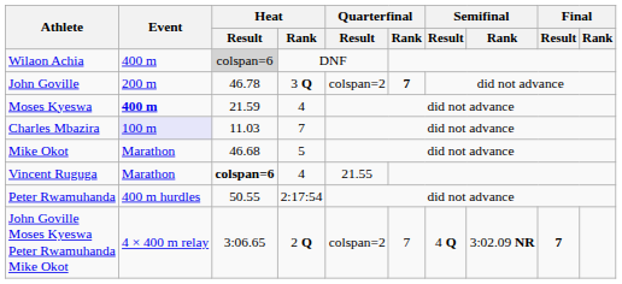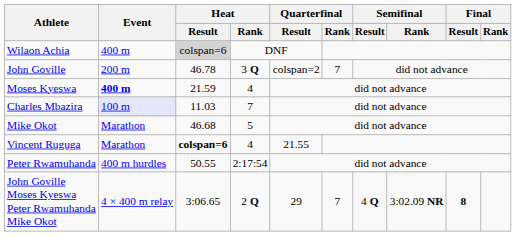 <table class="wikitable" style="font-size:90%">
 <tr>
 <th rowspan="2">Athlete</th>
 <th rowspan="2">Event</th>
 <th colspan="2">Heat</th>
 <th colspan="2">Quarterfinal</th>
 <th colspan="2">Semifinal</th>
 <th colspan="2">Final</th>
 </tr>
 <tr style="font-size:95%">
 <th>Result</th>
 <th>Rank</th>
 <th>Result</th>
 <th>Rank</th>
 <th>Result</th>
 <th>Rank</th>
 <th>Result</th>
 <th>Rank</th>
 </tr>
 <tr align=center>
 <td align=left><a href='#'>Wilaon Achia</a></td>
 <td align=left><a href='#'>400 m</a></td>
 <td style="background: lightgrey;">colspan=6 </td>
 <td colspan=2>DNF</td>
 </tr>
 <tr align=center>
 <td align=left><a href='#'>John Goville</a></td>
 <td align=left><a href='#'>200 m</a></td>
 <td>46.78</td>
 <td>3 <strong>Q</strong></td>
 <td>colspan=2 </td>
-<td><strong>7</strong></td>
+<td>7</td>
 <td colspan=4>did not advance</td>
 </tr>
 <tr align=center>
 <td align=left><a href='#'>Moses Kyeswa</a></td>
 <td align=left><strong><a href='#'>400 m</a></strong></td>
 <td>21.59</td>
 <td>4</td>
 <td colspan=6>did not advance</td>
 </tr>
 <tr align=center>
 <td align=left><a href='#'>Charles Mbazira</a></td>
 <td align=left style="background: lavender;"><a href='#'>100 m</a></td>
 <td>11.03</td>
 <td>7</td>
 <td colspan=6>did not advance</td>
 </tr>
 <tr align=center>
 <td align=left><a href='#'>Mike Okot</a></td>
 <td align=left><a href='#'>Marathon</a></td>
 <td>46.68</td>
 <td>5</td>
 <td colspan=6>did not advance</td>
 </tr>
 <tr align=center>
 <td align=left><a href='#'>Vincent Ruguga</a></td>
 <td align=left><a href='#'>Marathon</a></td>
 <td><strong>colspan=6 </strong></td>
 <td>4</td>
 <td>21.55</td>
 </tr>
 <tr align=center>
 <td align=left><a href='#'>Peter Rwamuhanda</a></td>
 <td align=left><a href='#'>400 m hurdles</a></td>
 <td>50.55</td>
 <td>2:17:54</td>
 <td colspan=6>did not advance</td>
 </tr>
 <tr align=center>
 <td align=left><a href='#'>John Goville</a><br><a href='#'>Moses Kyeswa</a><br><a href='#'>Peter Rwamuhanda</a><br><a href='#'>Mike Okot</a></td>
 <td align=left><a href='#'>4 × 400 m relay</a></td>
 <td>3:06.65</td>
 <td>2 <strong>Q</strong></td>
-<td>colspan=2 </td>
+<td>29</td>
 <td>7</td>
 <td>4 <strong>Q</strong></td>
 <td>3:02.09 <strong>NR</strong></td>
-<td><strong>7</strong></td>
+<td><strong>8</strong></td>
 </tr>
 </table>
